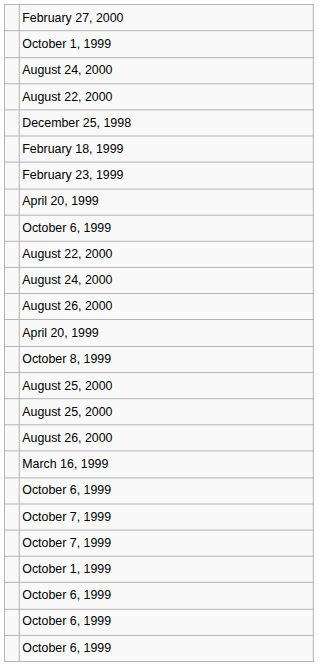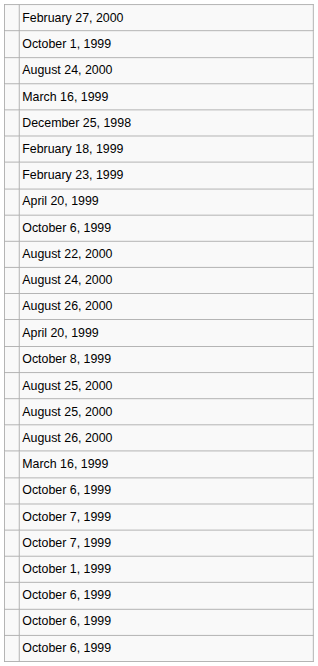 <table class="wikitable" style="font-size: 89%; float: left; width: 25em; margin-right: 1em; line-height: 1.65em !important; height: 540px;">
 <tr>
 <td></td>
 <td>February 27, 2000</td>
 </tr>
 <tr>
 <td></td>
 <td>October 1, 1999</td>
 </tr>
 <tr>
 <td></td>
 <td>August 24, 2000</td>
 </tr>
 <tr>
 <td></td>
-<td>August 22, 2000</td>
+<td>March 16, 1999</td>
 </tr>
 <tr>
 <td></td>
 <td>December 25, 1998</td>
 </tr>
 <tr>
 <td></td>
 <td>February 18, 1999</td>
 </tr>
 <tr>
 <td></td>
 <td>February 23, 1999</td>
 </tr>
 <tr>
 <td></td>
 <td>April 20, 1999</td>
 </tr>
 <tr>
 <td></td>
 <td>October 6, 1999</td>
 </tr>
 <tr>
 <td></td>
 <td>August 22, 2000</td>
 </tr>
 <tr>
 <td></td>
 <td>August 24, 2000</td>
 </tr>
 <tr>
 <td></td>
 <td>August 26, 2000</td>
 </tr>
 <tr>
 <td></td>
 <td>April 20, 1999</td>
 </tr>
 <tr>
 <td></td>
 <td>October 8, 1999</td>
 </tr>
 <tr>
 <td></td>
 <td>August 25, 2000</td>
 </tr>
 <tr>
 <td></td>
 <td>August 25, 2000</td>
 </tr>
 <tr>
 <td></td>
 <td>August 26, 2000</td>
 </tr>
 <tr>
 <td></td>
 <td>March 16, 1999</td>
 </tr>
 <tr>
 <td></td>
 <td>October 6, 1999</td>
 </tr>
 <tr>
 <td></td>
 <td>October 7, 1999</td>
 </tr>
 <tr>
 <td></td>
 <td>October 7, 1999</td>
 </tr>
 <tr>
 <td></td>
 <td>October 1, 1999</td>
 </tr>
 <tr>
 <td></td>
 <td>October 6, 1999</td>
 </tr>
 <tr>
 <td></td>
 <td>October 6, 1999</td>
 </tr>
 <tr>
 <td></td>
 <td>October 6, 1999</td>
 </tr>
 </table>
